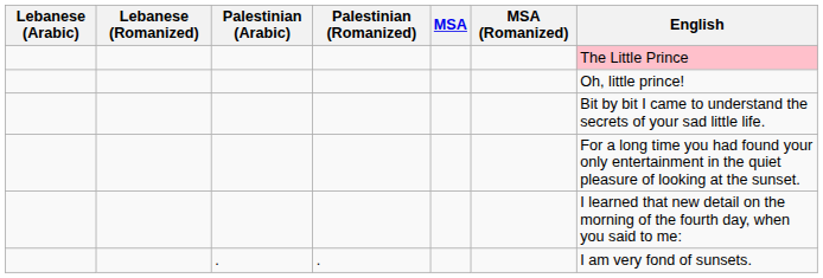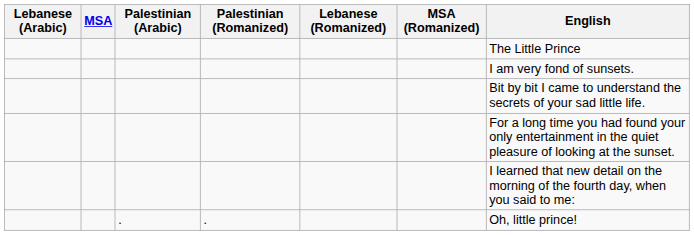 <table class="wikitable">
 <tr>
 <th>Lebanese (Arabic)</th>
-<th>Lebanese (Romanized)</th>
+<th><a href='#'>MSA</a></th>
 <th>Palestinian (Arabic)</th>
 <th>Palestinian (Romanized)</th>
-<th><a href='#'>MSA</a></th>
+<th>Lebanese (Romanized)</th>
 <th>MSA (Romanized)</th>
 <th>English</th>
 </tr>
 <tr>
 <td><div></div></td>
-<td></td>
+<td><div></div></td>
 <td><div></div></td>
 <td></td>
-<td><div></div></td>
 <td></td>
-<td style="background: pink;">The Little Prince</td>
+<td></td>
+<td>The Little Prince</td>
 </tr>
 <tr>
 <td><div></div></td>
-<td></td>
+<td><div></div></td>
 <td><div></div></td>
 <td></td>
-<td><div></div></td>
 <td></td>
-<td>Oh, little prince!</td>
+<td></td>
+<td>I am very fond of sunsets.</td>
 </tr>
 <tr>
 <td><div></div></td>
-<td></td>
+<td><div></div></td>
 <td><div></div></td>
 <td></td>
-<td><div></div></td>
+<td></td>
 <td></td>
 <td>Bit by bit I came to understand the secrets of your sad little life.</td>
 </tr>
 <tr>
 <td><div></div></td>
-<td></td>
+<td><div></div></td>
 <td><div></div></td>
 <td></td>
-<td><div></div></td>
+<td></td>
 <td></td>
 <td>For a long time you had found your only entertainment in the quiet pleasure of looking at the sunset.</td>
 </tr>
 <tr>
 <td><div></div></td>
-<td></td>
+<td><div></div></td>
 <td><div></div></td>
 <td></td>
-<td><div></div></td>
+<td></td>
 <td></td>
 <td>I learned that new detail on the morning of the fourth day, when you said to me:</td>
 </tr>
 <tr>
 <td><div></div></td>
-<td></td>
+<td><div></div></td>
 <td><div>.</div></td>
 <td>.</td>
-<td><div></div></td>
 <td></td>
-<td>I am very fond of sunsets.</td>
+<td></td>
+<td>Oh, little prince!</td>
 </tr>
 </table>
